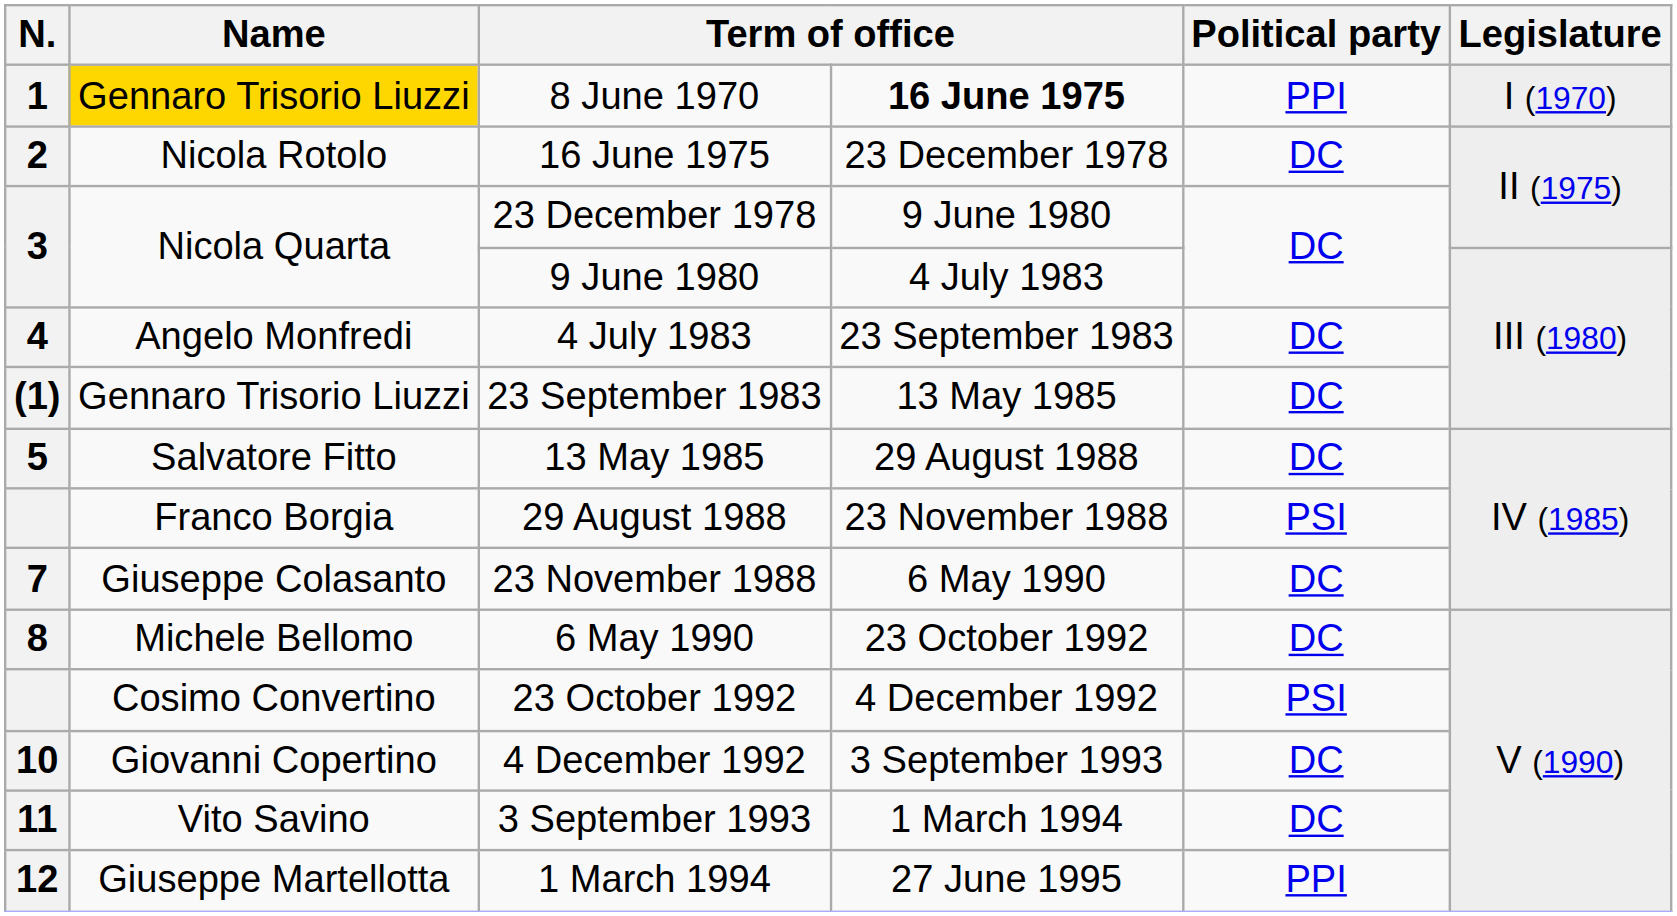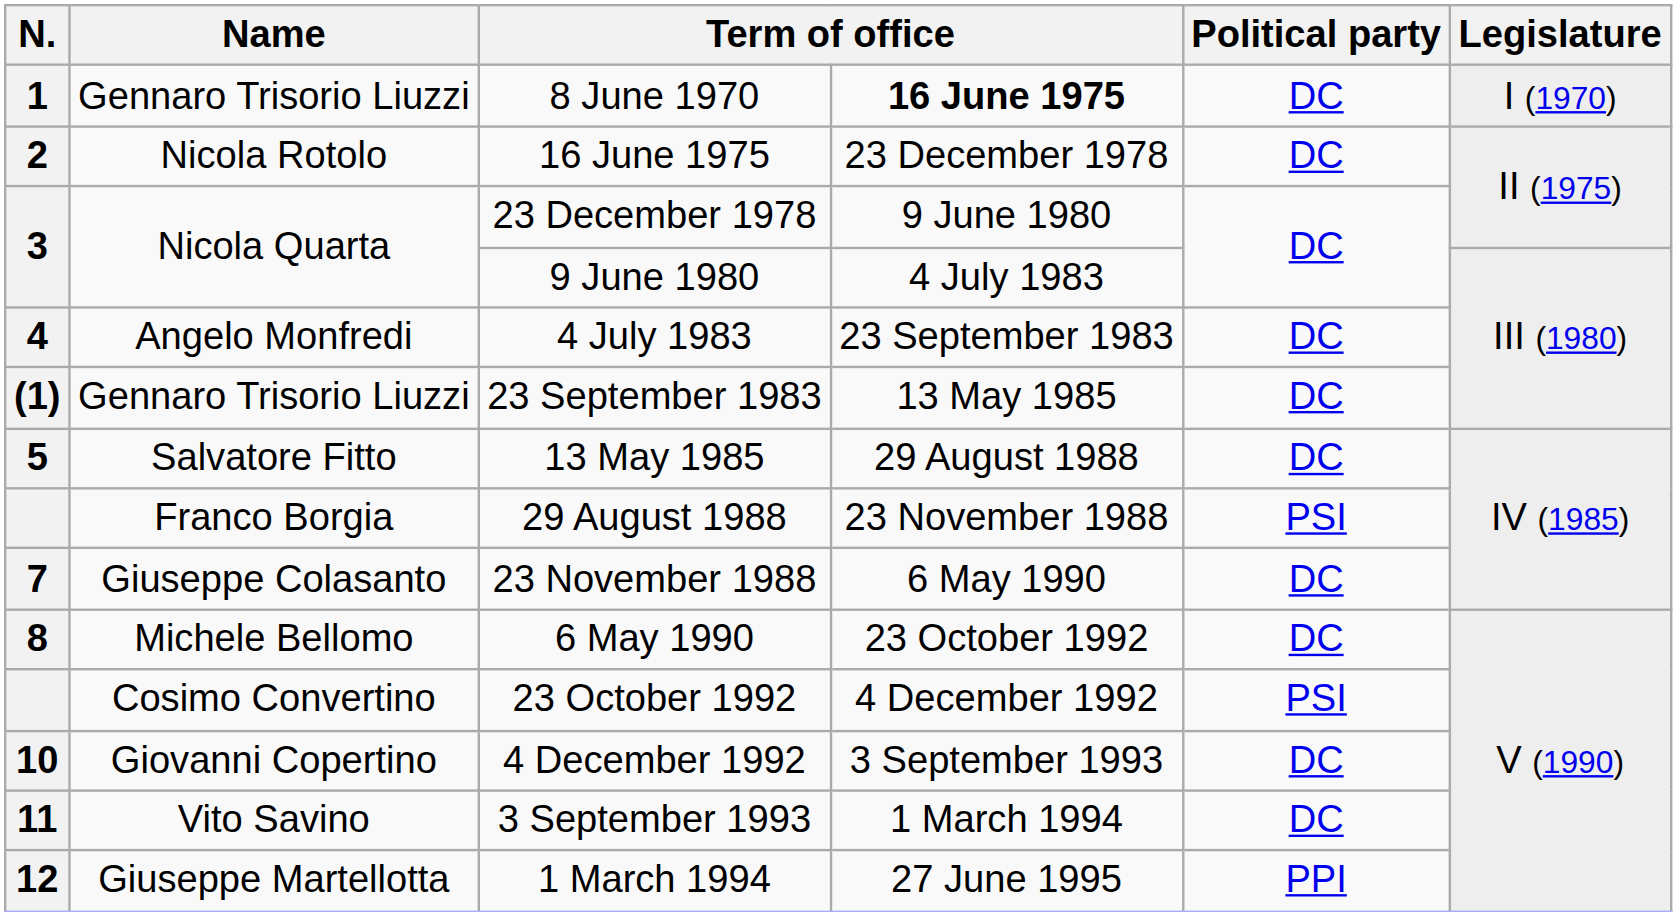 <table class="wikitable" style="text-align:center; border:1px #AAAAFF solid">
 <tr>
 <th>N.</th>
 <th>Name</th>
 <th colspan=2>Term of office</th>
 <th>Political party</th>
 <th>Legislature</th>
 </tr>
 <tr>
 <th style="background:">1</th>
-<td style="background: gold;">Gennaro Trisorio Liuzzi</td>
+<td>Gennaro Trisorio Liuzzi</td>
 <td>8 June 1970</td>
 <td><strong>16 June 1975</strong></td>
-<td><a href='#'>PPI</a></td>
+<td><a href='#'>DC</a></td>
 <td bgcolor=#EEEEEE>I <small>(<a href='#'>1970</a>)</small></td>
 </tr>
 <tr>
 <th style="background:">2</th>
 <td>Nicola Rotolo</td>
 <td>16 June 1975</td>
 <td>23 December 1978</td>
 <td><a href='#'>DC</a></td>
 <td rowspan=2 bgcolor=#EEEEEE>II <small>(<a href='#'>1975</a>)</small></td>
 </tr>
 <tr>
 <th rowspan=2 style="background:">3</th>
 <td rowspan=2>Nicola Quarta</td>
 <td>23 December 1978</td>
 <td>9 June 1980</td>
 <td rowspan=2><a href='#'>DC</a></td>
 </tr>
 <tr>
 <td>9 June 1980</td>
 <td>4 July 1983</td>
 <td rowspan=3 bgcolor=#EEEEEE>III <small>(<a href='#'>1980</a>)</small></td>
 </tr>
 <tr>
 <th style="background:">4</th>
 <td>Angelo Monfredi</td>
 <td>4 July 1983</td>
 <td>23 September 1983</td>
 <td><a href='#'>DC</a></td>
 </tr>
 <tr>
 <th style="background:">(1)</th>
 <td>Gennaro Trisorio Liuzzi</td>
 <td>23 September 1983</td>
 <td>13 May 1985</td>
 <td><a href='#'>DC</a></td>
 </tr>
 <tr>
 <th style="background:">5</th>
 <td>Salvatore Fitto</td>
 <td>13 May 1985</td>
 <td>29 August 1988</td>
 <td><a href='#'>DC</a></td>
 <td rowspan=3 bgcolor=#EEEEEE>IV <small>(<a href='#'>1985</a>)</small></td>
 </tr>
 <tr>
 <th style="background:"><strong></strong></th>
 <td>Franco Borgia</td>
 <td>29 August 1988</td>
 <td>23 November 1988</td>
 <td><a href='#'>PSI</a></td>
 </tr>
 <tr>
 <th style="background:">7</th>
 <td>Giuseppe Colasanto</td>
 <td>23 November 1988</td>
 <td>6 May 1990</td>
 <td><a href='#'>DC</a></td>
 </tr>
 <tr>
 <th style="background:">8</th>
 <td>Michele Bellomo</td>
 <td>6 May 1990</td>
 <td>23 October 1992</td>
 <td><a href='#'>DC</a></td>
 <td rowspan=5 bgcolor=#EEEEEE>V <small>(<a href='#'>1990</a>)</small></td>
 </tr>
 <tr>
 <th style="background:"><strong></strong></th>
 <td>Cosimo Convertino</td>
 <td>23 October 1992</td>
 <td>4 December 1992</td>
 <td><a href='#'>PSI</a></td>
 </tr>
 <tr>
 <th style="background:">10</th>
 <td>Giovanni Copertino</td>
 <td>4 December 1992</td>
 <td>3 September 1993</td>
 <td><a href='#'>DC</a></td>
 </tr>
 <tr>
 <th style="background:">11</th>
 <td>Vito Savino</td>
 <td>3 September 1993</td>
 <td>1 March 1994</td>
 <td><a href='#'>DC</a></td>
 </tr>
 <tr>
 <th style="background:">12</th>
 <td>Giuseppe Martellotta</td>
 <td>1 March 1994</td>
 <td>27 June 1995</td>
 <td><a href='#'>PPI</a></td>
 </tr>
 <tr>
 </tr>
 </table>
